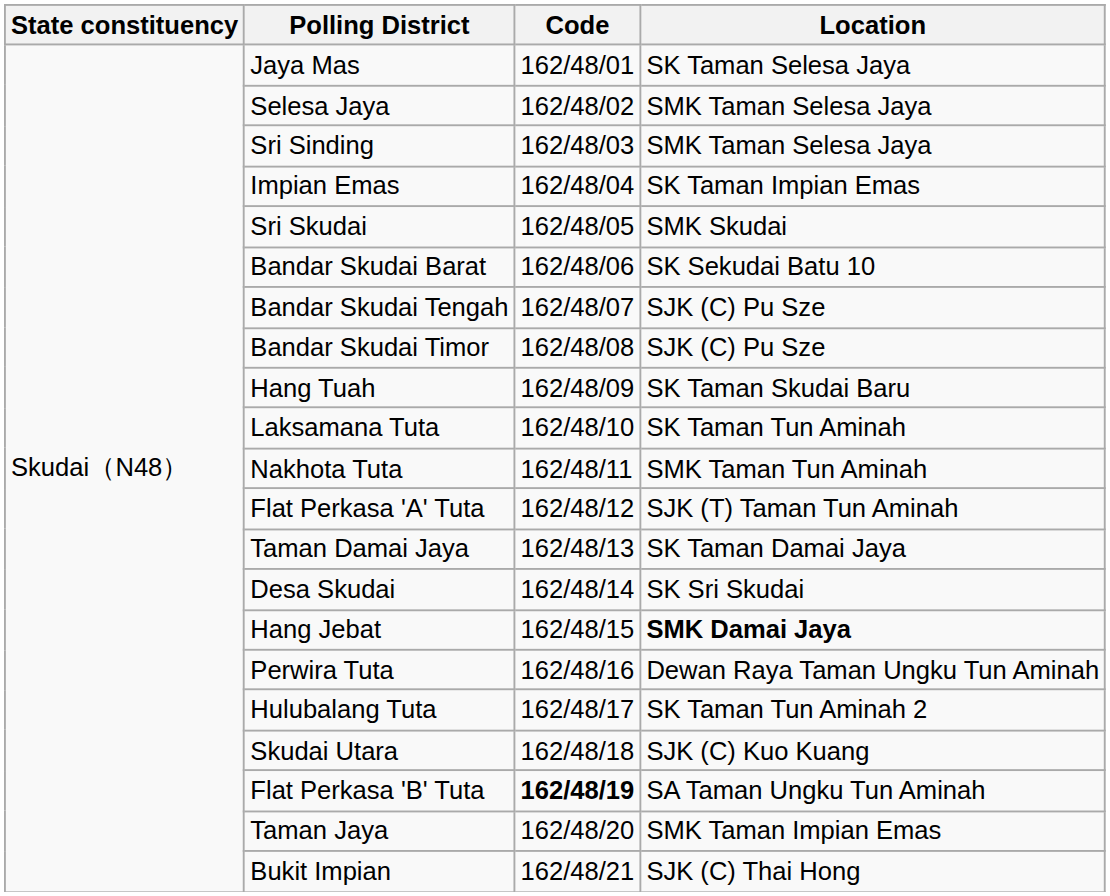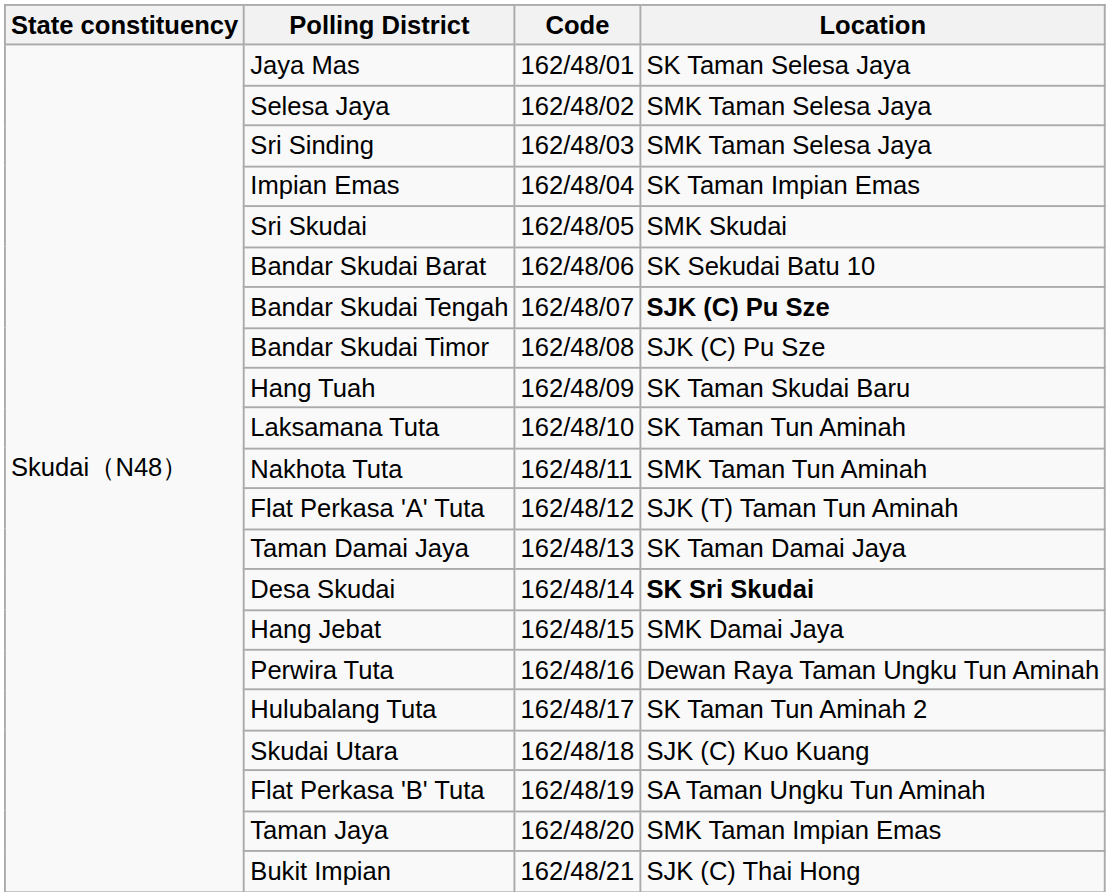 <table class="wikitable sortable mw-collapsible" style="white-space:nowrap;font-size:85%">
 <tr>
 <th>State constituency</th>
 <th>Polling District</th>
 <th>Code</th>
 <th>Location</th>
 </tr>
 <tr>
 <td rowspan="21">Skudai（N48）</td>
 <td>Jaya Mas</td>
 <td>162/48/01</td>
 <td>SK Taman Selesa Jaya</td>
 </tr>
 <tr>
 <td>Selesa Jaya</td>
 <td>162/48/02</td>
 <td>SMK Taman Selesa Jaya</td>
 </tr>
 <tr>
 <td>Sri Sinding</td>
 <td>162/48/03</td>
 <td>SMK Taman Selesa Jaya</td>
 </tr>
 <tr>
 <td>Impian Emas</td>
 <td>162/48/04</td>
 <td>SK Taman Impian Emas</td>
 </tr>
 <tr>
 <td>Sri Skudai</td>
 <td>162/48/05</td>
 <td>SMK Skudai</td>
 </tr>
 <tr>
 <td>Bandar Skudai Barat</td>
 <td>162/48/06</td>
 <td>SK Sekudai Batu 10</td>
 </tr>
 <tr>
 <td>Bandar Skudai Tengah</td>
 <td>162/48/07</td>
-<td>SJK (C) Pu Sze</td>
+<td><strong>SJK (C) Pu Sze</strong></td>
 </tr>
 <tr>
 <td>Bandar Skudai Timor</td>
 <td>162/48/08</td>
 <td>SJK (C) Pu Sze</td>
 </tr>
 <tr>
 <td>Hang Tuah</td>
 <td>162/48/09</td>
 <td>SK Taman Skudai Baru</td>
 </tr>
 <tr>
 <td>Laksamana Tuta</td>
 <td>162/48/10</td>
 <td>SK Taman Tun Aminah</td>
 </tr>
 <tr>
 <td>Nakhota Tuta</td>
 <td>162/48/11</td>
 <td>SMK Taman Tun Aminah</td>
 </tr>
 <tr>
 <td>Flat Perkasa 'A' Tuta</td>
 <td>162/48/12</td>
 <td>SJK (T) Taman Tun Aminah</td>
 </tr>
 <tr>
 <td>Taman Damai Jaya</td>
 <td>162/48/13</td>
 <td>SK Taman Damai Jaya</td>
 </tr>
 <tr>
 <td>Desa Skudai</td>
 <td>162/48/14</td>
-<td>SK Sri Skudai</td>
+<td><strong>SK Sri Skudai</strong></td>
 </tr>
 <tr>
 <td>Hang Jebat</td>
 <td>162/48/15</td>
-<td><strong>SMK Damai Jaya</strong></td>
+<td>SMK Damai Jaya</td>
 </tr>
 <tr>
 <td>Perwira Tuta</td>
 <td>162/48/16</td>
 <td>Dewan Raya Taman Ungku Tun Aminah</td>
 </tr>
 <tr>
 <td>Hulubalang Tuta</td>
 <td>162/48/17</td>
 <td>SK Taman Tun Aminah 2</td>
 </tr>
 <tr>
 <td>Skudai Utara</td>
 <td>162/48/18</td>
 <td>SJK (C) Kuo Kuang</td>
 </tr>
 <tr>
 <td>Flat Perkasa 'B' Tuta</td>
-<td><strong>162/48/19</strong></td>
+<td>162/48/19</td>
 <td>SA Taman Ungku Tun Aminah</td>
 </tr>
 <tr>
 <td>Taman Jaya</td>
 <td>162/48/20</td>
 <td>SMK Taman Impian Emas</td>
 </tr>
 <tr>
 <td>Bukit Impian</td>
 <td>162/48/21</td>
 <td>SJK (C) Thai Hong</td>
 </tr>
 </table>
